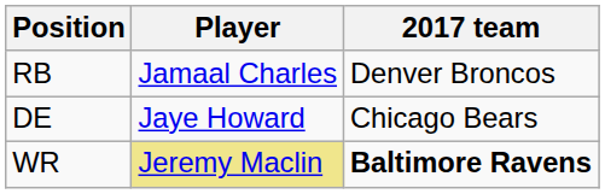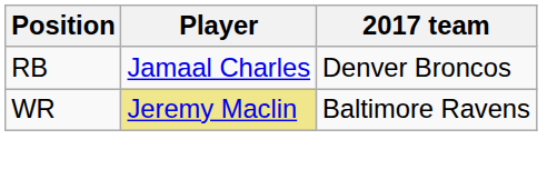 <table class="wikitable sortable">
 <tr>
 <th>Position</th>
 <th>Player</th>
 <th>2017 team</th>
 </tr>
 <tr>
 <td>RB</td>
 <td><a href='#'>Jamaal Charles</a></td>
 <td>Denver Broncos</td>
 </tr>
 <tr>
-<td>DE</td>
-<td><a href='#'>Jaye Howard</a></td>
-<td>Chicago Bears</td>
-</tr>
-<tr>
 <td>WR</td>
 <td style="background: khaki;"><a href='#'>Jeremy Maclin</a></td>
-<td><strong>Baltimore Ravens</strong></td>
+<td>Baltimore Ravens</td>
 </tr>
 </table>
